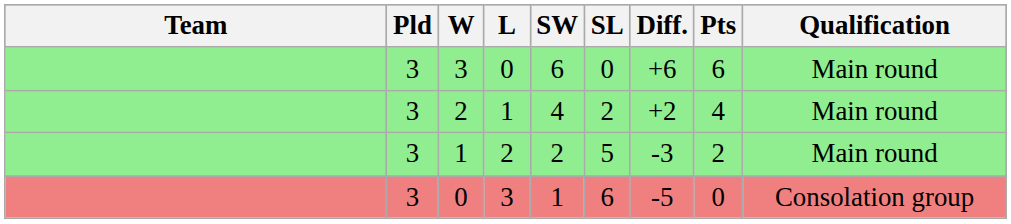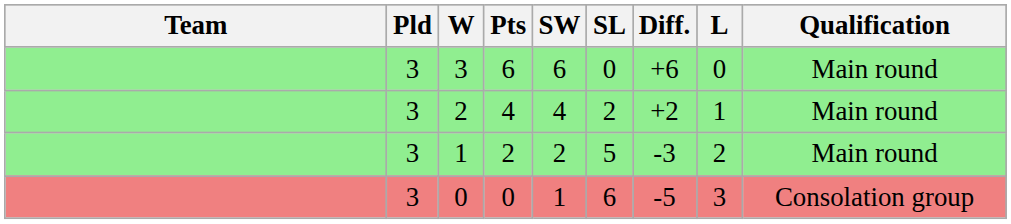 <table class=wikitable style="text-align:center">
 <tr>
 <th width=220>Team</th>
 <th width=20>Pld</th>
 <th width=20>W</th>
-<th width=20>L</th>
+<th width=20>Pts</th>
 <th width=20>SW</th>
 <th width=20>SL</th>
 <th width=20>Diff.</th>
-<th width=20>Pts</th>
+<th width=20>L</th>
 <th width=150>Qualification</th>
 </tr>
 <tr bgcolor=90EE90>
 <td align=left></td>
 <td>3</td>
 <td>3</td>
-<td>0</td>
+<td>6</td>
 <td>6</td>
 <td>0</td>
 <td>+6</td>
-<td>6</td>
+<td>0</td>
 <td>Main round</td>
 </tr>
 <tr bgcolor=90EE90>
 <td align=left></td>
 <td>3</td>
 <td>2</td>
-<td>1</td>
+<td>4</td>
 <td>4</td>
 <td>2</td>
 <td>+2</td>
-<td>4</td>
+<td>1</td>
 <td>Main round</td>
 </tr>
 <tr bgcolor=90EE90>
 <td align=left></td>
 <td>3</td>
 <td>1</td>
 <td>2</td>
 <td>2</td>
 <td>5</td>
 <td>-3</td>
 <td>2</td>
 <td>Main round</td>
 </tr>
 <tr bgcolor=F08080>
 <td align=left></td>
 <td>3</td>
 <td>0</td>
-<td>3</td>
+<td>0</td>
 <td>1</td>
 <td>6</td>
 <td>-5</td>
-<td>0</td>
+<td>3</td>
 <td>Consolation group</td>
 </tr>
 </table>
